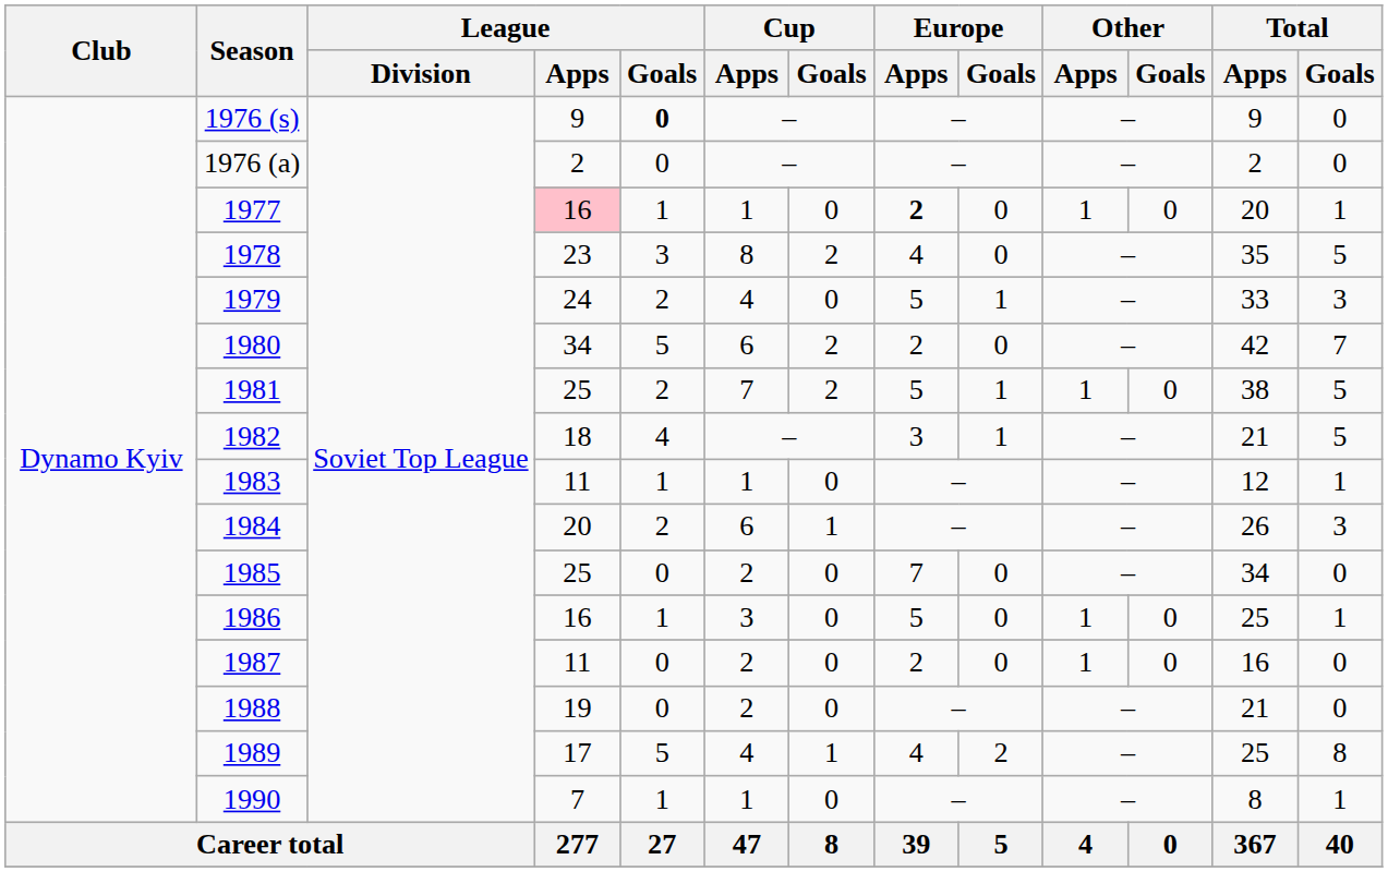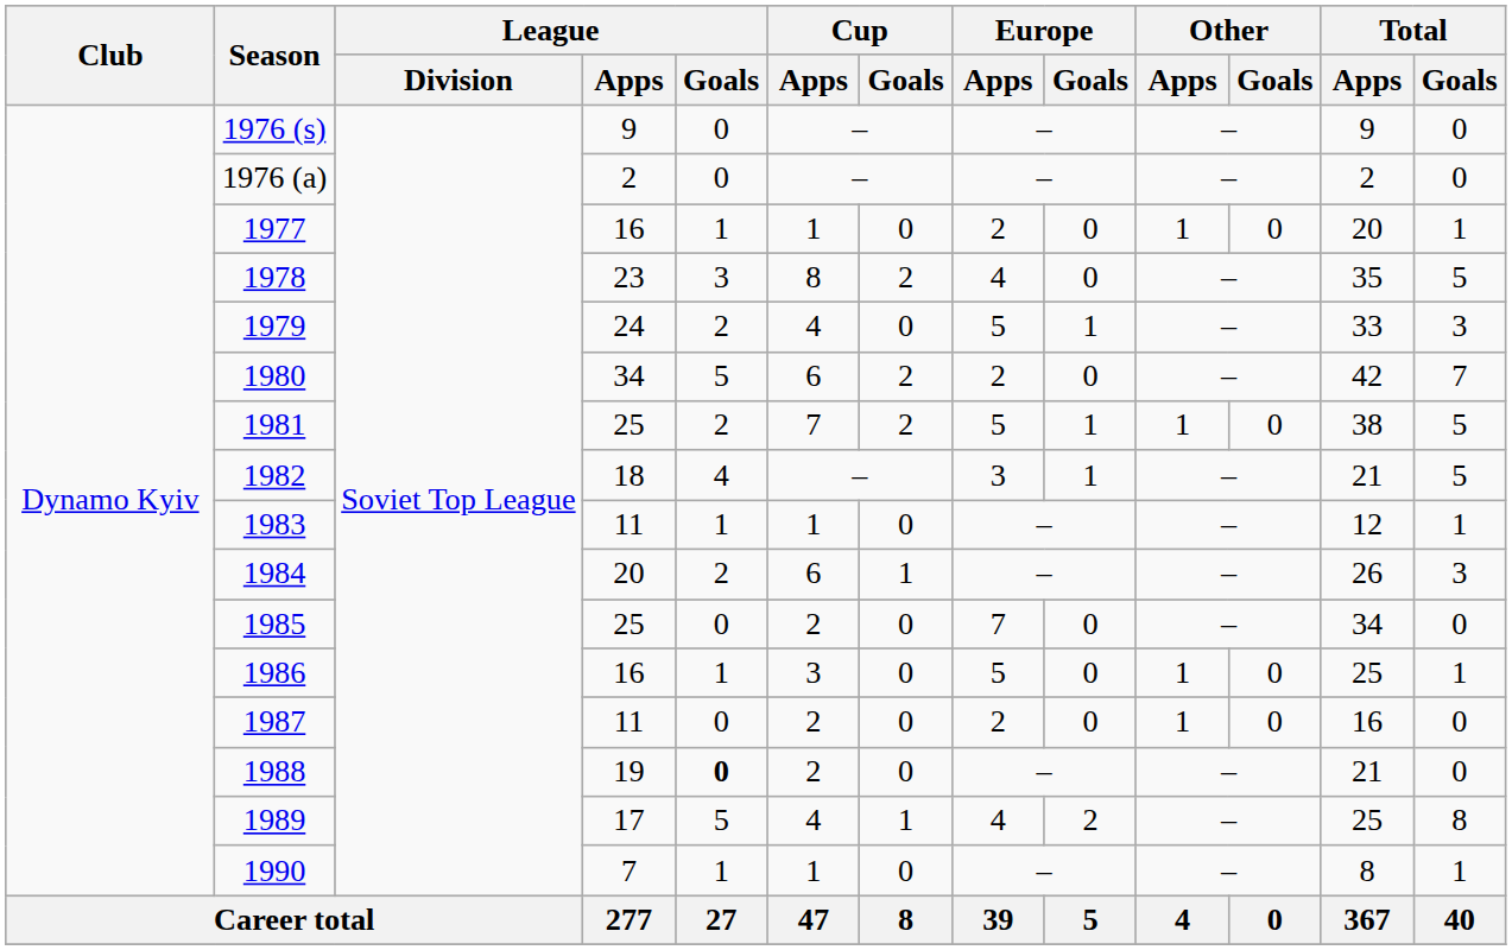 <table class="wikitable" style="font-size:100%; text-align: center;">
 <tr>
 <th rowspan="2" width="100">Club</th>
 <th rowspan="2">Season</th>
 <th colspan="3">League</th>
 <th colspan="2">Cup</th>
 <th colspan="2">Europe</th>
 <th colspan="2">Other</th>
 <th colspan="2">Total</th>
 </tr>
 <tr>
 <th>Division</th>
 <th width="40">Apps</th>
 <th width="40">Goals</th>
 <th width="40">Apps</th>
 <th width="40">Goals</th>
 <th width="40">Apps</th>
 <th width="40">Goals</th>
 <th width="40">Apps</th>
 <th width="40">Goals</th>
 <th width="40">Apps</th>
 <th width="40">Goals</th>
 </tr>
 <tr>
 <td rowspan="16"><a href='#'>Dynamo Kyiv</a></td>
 <td><a href='#'>1976 (s)</a></td>
 <td rowspan="16"><a href='#'>Soviet Top League</a></td>
 <td>9</td>
-<td><strong>0</strong></td>
+<td>0</td>
 <td colspan="2">–</td>
 <td colspan="2">–</td>
 <td colspan="2">–</td>
 <td>9</td>
 <td>0</td>
 </tr>
 <tr>
 <td>1976 (a)</td>
 <td>2</td>
 <td>0</td>
 <td colspan="2">–</td>
 <td colspan="2">–</td>
 <td colspan="2">–</td>
 <td>2</td>
 <td>0</td>
 </tr>
 <tr>
 <td><a href='#'>1977</a></td>
-<td style="background: pink;">16</td>
+<td>16</td>
 <td>1</td>
 <td>1</td>
 <td>0</td>
-<td><strong>2</strong></td>
+<td>2</td>
 <td>0</td>
 <td>1</td>
 <td>0</td>
 <td>20</td>
 <td>1</td>
 </tr>
 <tr>
 <td><a href='#'>1978</a></td>
 <td>23</td>
 <td>3</td>
 <td>8</td>
 <td>2</td>
 <td>4</td>
 <td>0</td>
 <td colspan="2">–</td>
 <td>35</td>
 <td>5</td>
 </tr>
 <tr>
 <td><a href='#'>1979</a></td>
 <td>24</td>
 <td>2</td>
 <td>4</td>
 <td>0</td>
 <td>5</td>
 <td>1</td>
 <td colspan="2">–</td>
 <td>33</td>
 <td>3</td>
 </tr>
 <tr>
 <td><a href='#'>1980</a></td>
 <td>34</td>
 <td>5</td>
 <td>6</td>
 <td>2</td>
 <td>2</td>
 <td>0</td>
 <td colspan="2">–</td>
 <td>42</td>
 <td>7</td>
 </tr>
 <tr>
 <td><a href='#'>1981</a></td>
 <td>25</td>
 <td>2</td>
 <td>7</td>
 <td>2</td>
 <td>5</td>
 <td>1</td>
 <td>1</td>
 <td>0</td>
 <td>38</td>
 <td>5</td>
 </tr>
 <tr>
 <td><a href='#'>1982</a></td>
 <td>18</td>
 <td>4</td>
 <td colspan="2">–</td>
 <td>3</td>
 <td>1</td>
 <td colspan="2">–</td>
 <td>21</td>
 <td>5</td>
 </tr>
 <tr>
 <td><a href='#'>1983</a></td>
 <td>11</td>
 <td>1</td>
 <td>1</td>
 <td>0</td>
 <td colspan="2">–</td>
 <td colspan="2">–</td>
 <td>12</td>
 <td>1</td>
 </tr>
 <tr>
 <td><a href='#'>1984</a></td>
 <td>20</td>
 <td>2</td>
 <td>6</td>
 <td>1</td>
 <td colspan="2">–</td>
 <td colspan="2">–</td>
 <td>26</td>
 <td>3</td>
 </tr>
 <tr>
 <td><a href='#'>1985</a></td>
 <td>25</td>
 <td>0</td>
 <td>2</td>
 <td>0</td>
 <td>7</td>
 <td>0</td>
 <td colspan="2">–</td>
 <td>34</td>
 <td>0</td>
 </tr>
 <tr>
 <td><a href='#'>1986</a></td>
 <td>16</td>
 <td>1</td>
 <td>3</td>
 <td>0</td>
 <td>5</td>
 <td>0</td>
 <td>1</td>
 <td>0</td>
 <td>25</td>
 <td>1</td>
 </tr>
 <tr>
 <td><a href='#'>1987</a></td>
 <td>11</td>
 <td>0</td>
 <td>2</td>
 <td>0</td>
 <td>2</td>
 <td>0</td>
 <td>1</td>
 <td>0</td>
 <td>16</td>
 <td>0</td>
 </tr>
 <tr>
 <td><a href='#'>1988</a></td>
 <td>19</td>
-<td>0</td>
+<td><strong>0</strong></td>
 <td>2</td>
 <td>0</td>
 <td colspan="2">–</td>
 <td colspan="2">–</td>
 <td>21</td>
 <td>0</td>
 </tr>
 <tr>
 <td><a href='#'>1989</a></td>
 <td>17</td>
 <td>5</td>
 <td>4</td>
 <td>1</td>
 <td>4</td>
 <td>2</td>
 <td colspan="2">–</td>
 <td>25</td>
 <td>8</td>
 </tr>
 <tr>
 <td><a href='#'>1990</a></td>
 <td>7</td>
 <td>1</td>
 <td>1</td>
 <td>0</td>
 <td colspan="2">–</td>
 <td colspan="2">–</td>
 <td>8</td>
 <td>1</td>
 </tr>
 <tr>
 <th colspan="3">Career total</th>
 <th>277</th>
 <th>27</th>
 <th>47</th>
 <th>8</th>
 <th>39</th>
 <th>5</th>
 <th>4</th>
 <th>0</th>
 <th>367</th>
 <th>40</th>
 </tr>
 <tr>
 </tr>
 </table>
